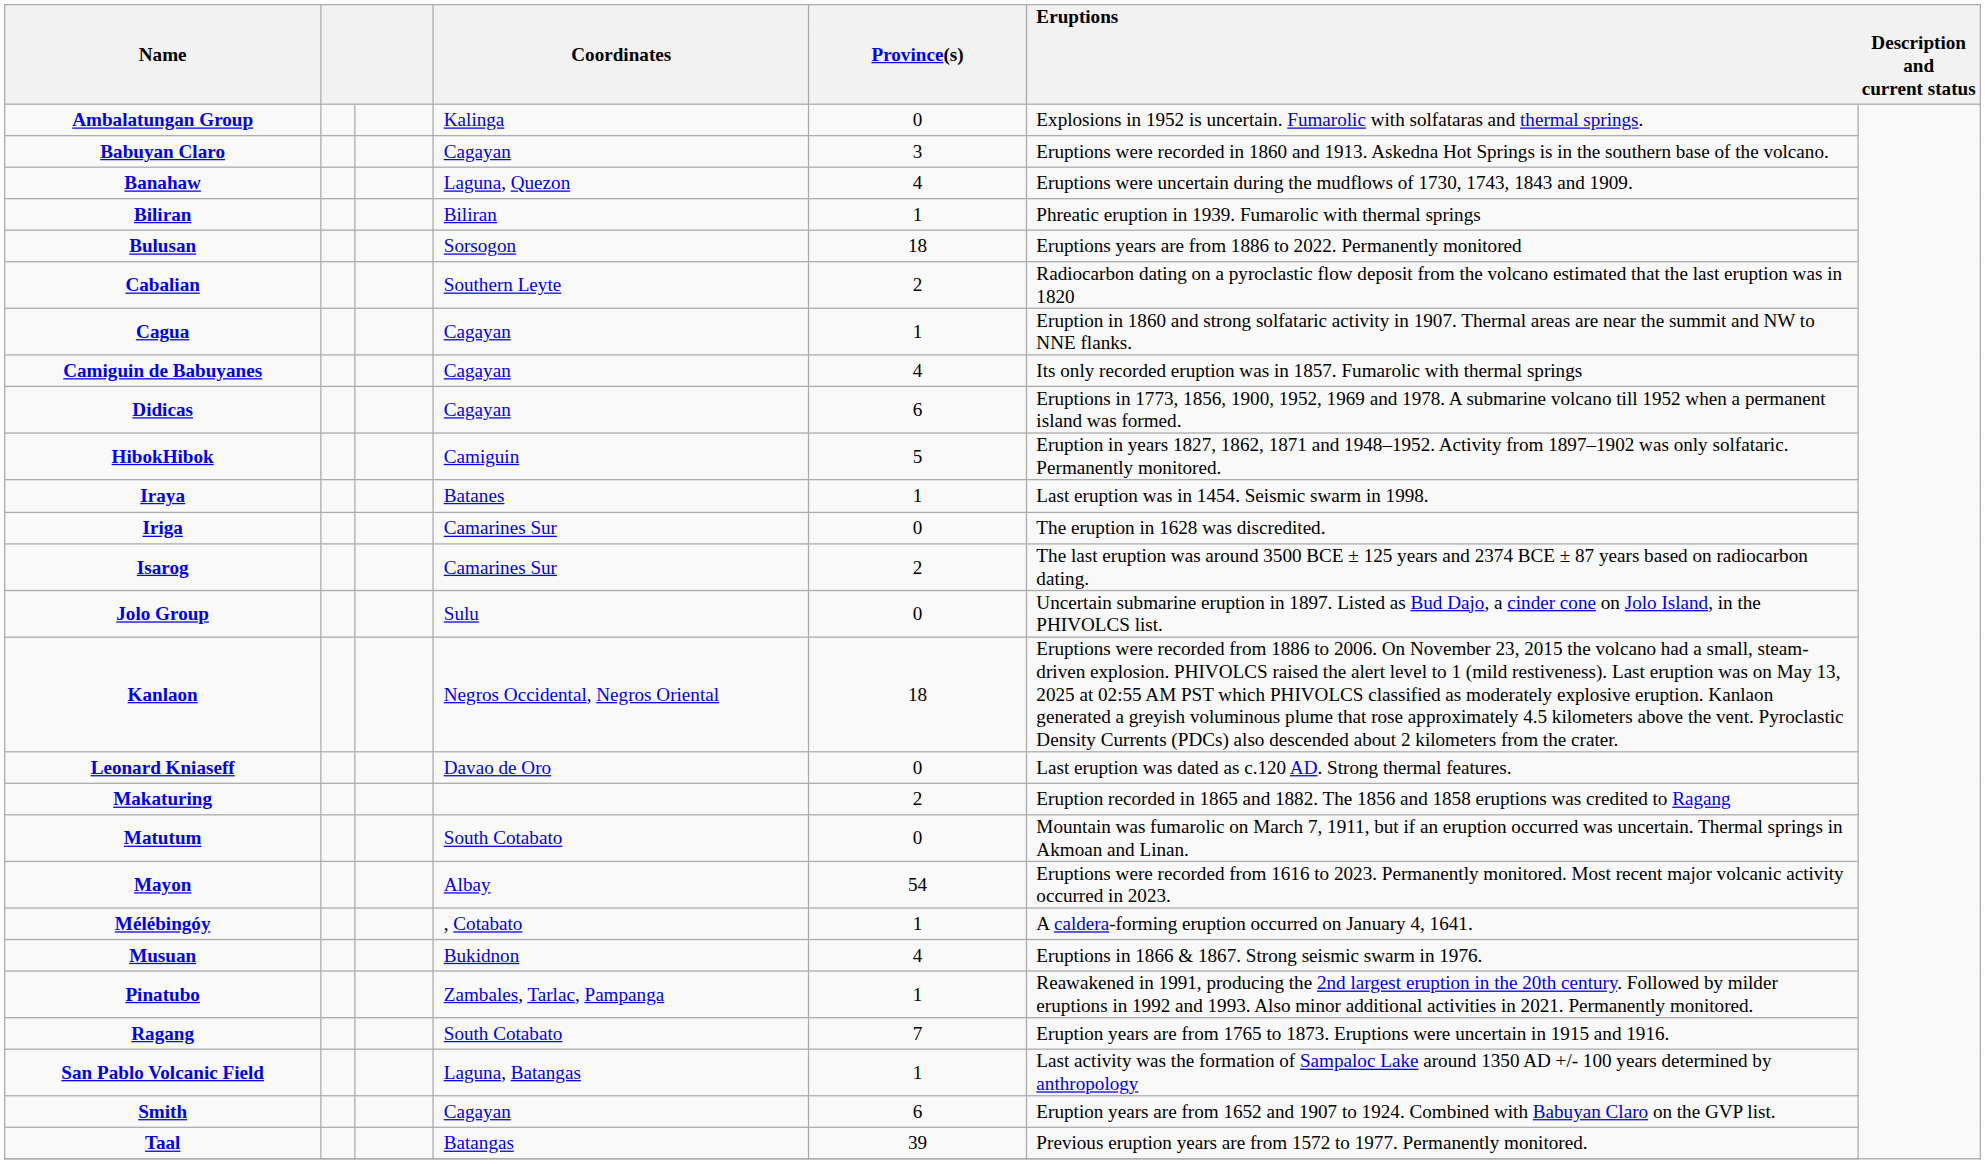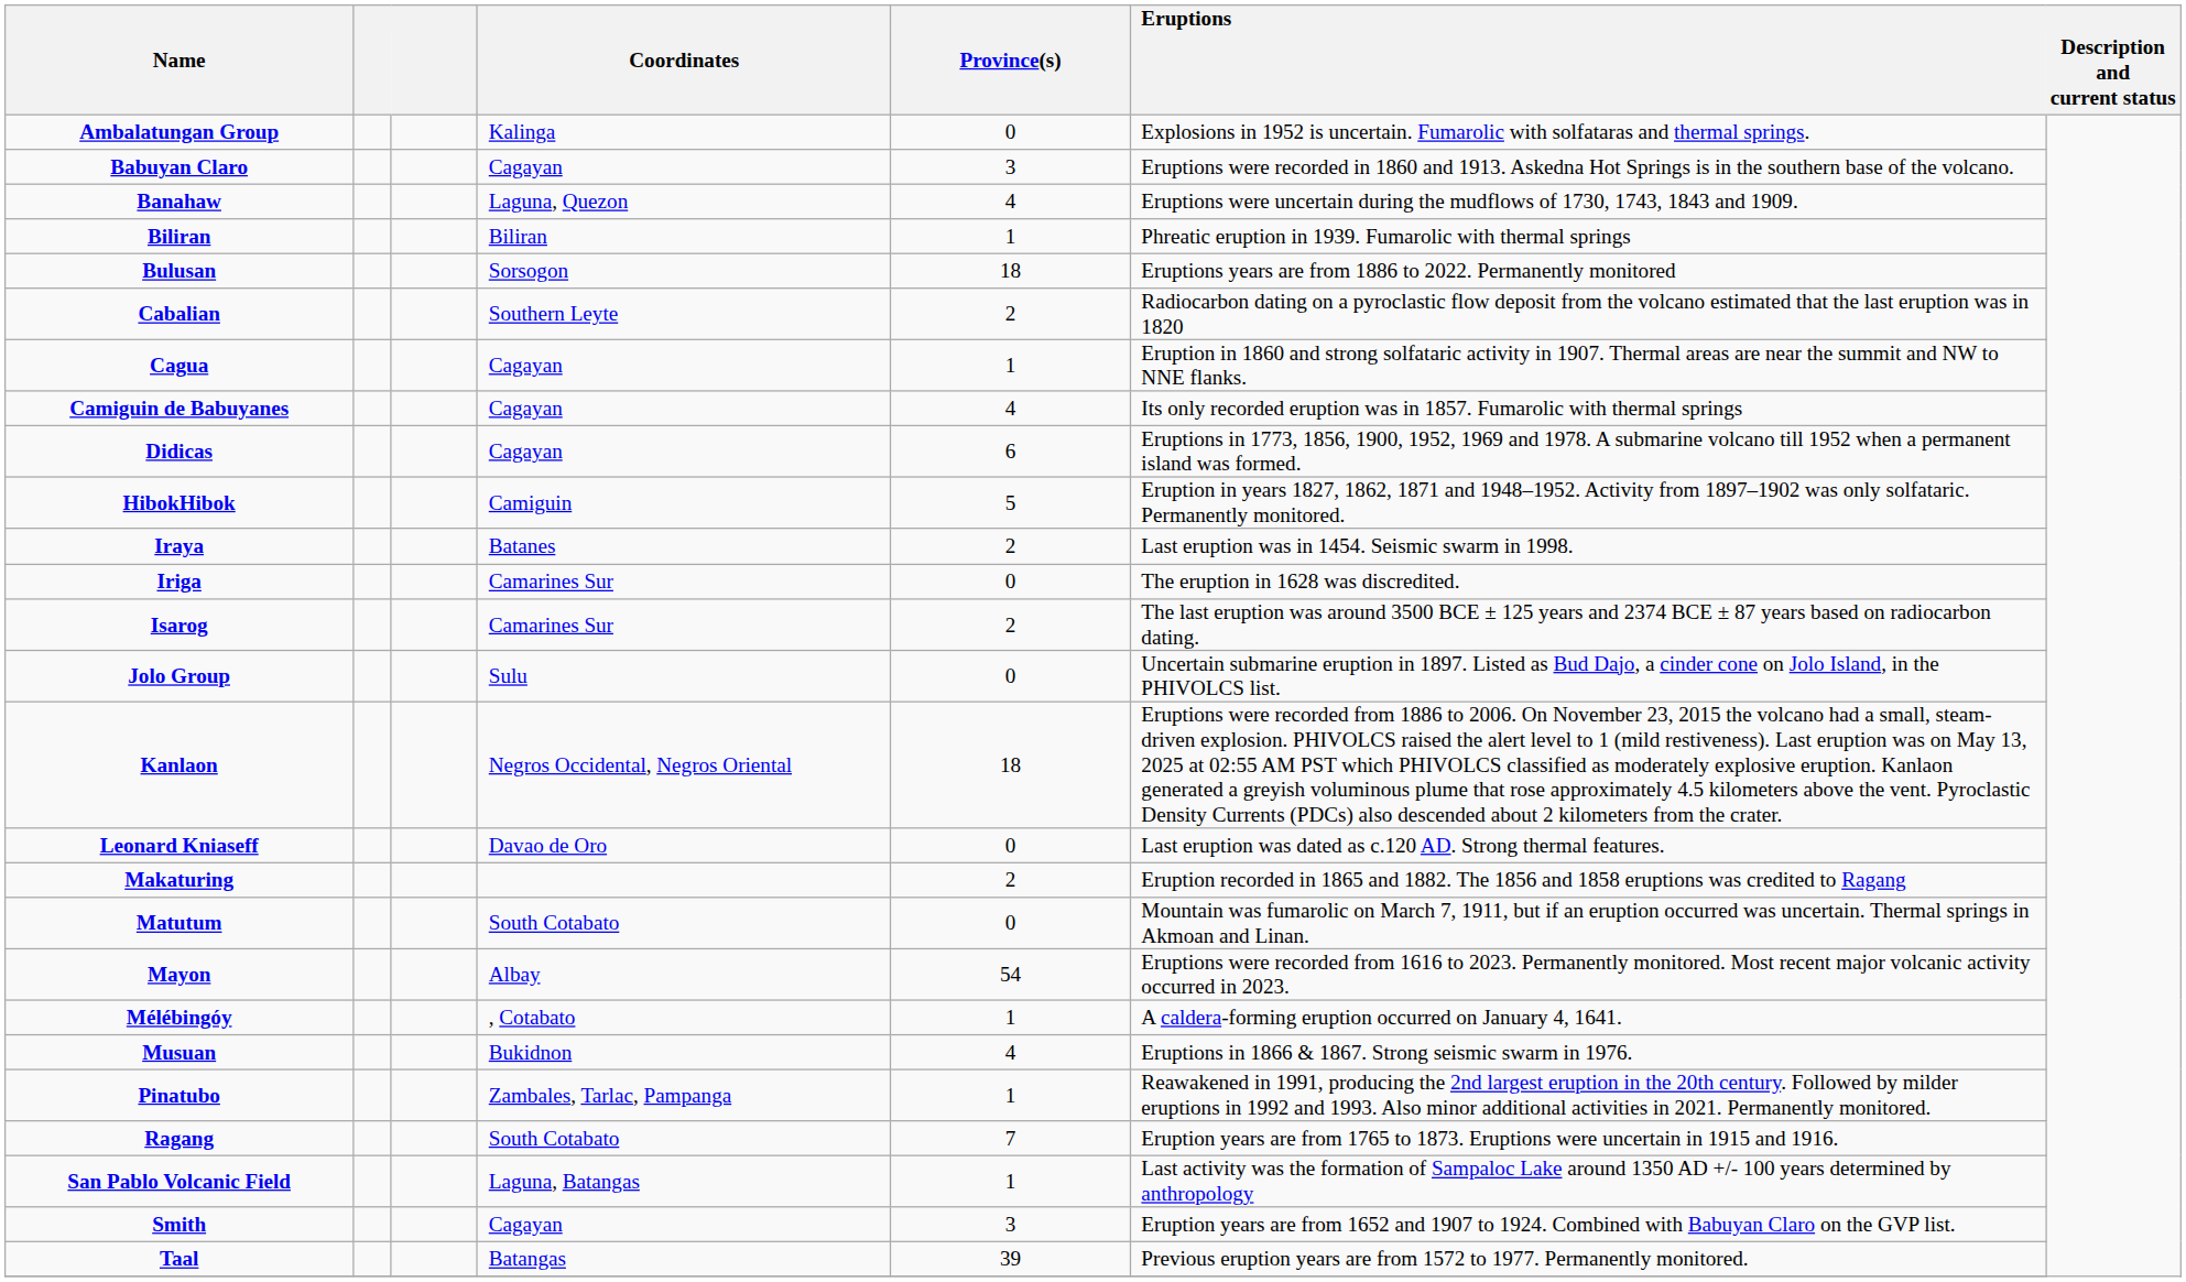 <table class="wikitable sortable plainrowheaders toptextcells" style="font-size:95%;">
 <tr style="vertical-align:middle;">
 <th scope="col" rowspan="2" style="width:16%;">Name</th>
 <th scope="col" colspan="2" style="border-bottom:none;"></th>
 <th scope="col" rowspan="2" style="width:19%;" data-sort-type="number">Coordinates</th>
 <th scope="col" rowspan="2" style="width:11%;"><a href='#'>Province</a>(s)</th>
 <th scope="col" colspan="2" class="unsortable" style="text-align:left;padding:0 0.5em;width:45%;border-bottom:none;">Eruptions</th>
 </tr>
 <tr style="vertical-align:middle;">
 <th style="border-width:0 0 thin thin;"></th>
 <th style="border-width:0 thin thin 0;" class="unsortable"></th>
 <th style="border-width:0 0 thin thin;"></th>
 <th style="border-width:0 thin thin 0;" class="unsortable">Description and current status</th>
 </tr>
 <tr>
 <th scope="row" style="padding:0 0.5em;background-color:initial;"><a href='#'>Ambalatungan Group</a></th>
 <td></td>
 <td style="padding:0 0.5em;"></td>
 <td style="padding:0 0.5em;"><a href='#'>Kalinga</a></td>
 <td style="text-align:center;">0</td>
 <td style="padding:0 0.5em;">Explosions in 1952 is uncertain. <a href='#'>Fumarolic</a> with solfataras and <a href='#'>thermal springs</a>.</td>
 </tr>
 <tr>
 <th scope="row" style="padding:0 0.5em;background-color:initial;"><a href='#'>Babuyan Claro</a></th>
 <td></td>
 <td style="padding:0 0.5em;"></td>
 <td style="padding:0 0.5em;"><a href='#'>Cagayan</a></td>
 <td style="text-align:center;">3</td>
 <td style="padding:0 0.5em;">Eruptions were recorded in 1860 and 1913. Askedna Hot Springs is in the southern base of the volcano.</td>
 </tr>
 <tr>
 <th scope="row" style="padding:0 0.5em;background-color:initial;"><a href='#'>Banahaw</a></th>
 <td></td>
 <td style="padding:0 0.5em;"></td>
 <td style="padding:0 0.5em;"><a href='#'>Laguna</a>, <a href='#'>Quezon</a></td>
 <td style="text-align:center;">4</td>
 <td style="padding:0 0.5em;">Eruptions were uncertain during the mudflows of 1730, 1743, 1843 and 1909.</td>
 </tr>
 <tr>
 <th scope="row" style="padding:0 0.5em;background-color:initial;"><a href='#'>Biliran</a></th>
 <td></td>
 <td style="padding:0 0.5em;"></td>
 <td style="padding:0 0.5em;"><a href='#'>Biliran</a></td>
 <td style="text-align:center;">1</td>
 <td style="padding:0 0.5em;">Phreatic eruption in 1939. Fumarolic with thermal springs</td>
 </tr>
 <tr>
 <th scope="row" style="padding:0 0.5em;background-color:initial;"><a href='#'>Bulusan</a></th>
 <td></td>
 <td style="padding:0 0.5em;"></td>
 <td style="padding:0 0.5em;"><a href='#'>Sorsogon</a></td>
 <td style="text-align:center;">18</td>
 <td style="padding:0 0.5em;">Eruptions years are from 1886 to 2022. Permanently monitored</td>
 </tr>
 <tr>
 <th scope="row" style="padding:0 0.5em;background-color:initial;"><a href='#'>Cabalian</a></th>
 <td></td>
 <td style="padding:0 0.5em;"></td>
 <td style="padding:0 0.5em;"><a href='#'>Southern Leyte</a></td>
 <td style="text-align:center;">2</td>
 <td style="padding:0 0.5em;">Radiocarbon dating on a pyroclastic flow deposit from the volcano estimated that the last eruption was in 1820</td>
 </tr>
 <tr>
 <th scope="row" style="padding:0 0.5em;background-color:initial;"><a href='#'>Cagua</a></th>
 <td></td>
 <td style="padding:0 0.5em;"></td>
 <td style="padding:0 0.5em;"><a href='#'>Cagayan</a></td>
 <td style="text-align:center;">1</td>
 <td style="padding:0 0.5em;">Eruption in 1860 and strong solfataric activity in 1907. Thermal areas are near the summit and NW to NNE flanks.</td>
 </tr>
 <tr>
 <th scope="row" style="padding:0 0.5em;background-color:initial;"><a href='#'>Camiguin de&nbsp;Babuyanes</a></th>
 <td></td>
 <td style="padding:0 0.5em;"></td>
 <td style="padding:0 0.5em;"><a href='#'>Cagayan</a></td>
 <td style="text-align:center;">4</td>
 <td style="padding:0 0.5em;">Its only recorded eruption was in 1857. Fumarolic with thermal springs</td>
 </tr>
 <tr>
 <th scope="row" style="padding:0 0.5em;background-color:initial;"><a href='#'>Didicas</a></th>
 <td></td>
 <td style="padding:0 0.5em;"></td>
 <td style="padding:0 0.5em;"><a href='#'>Cagayan</a></td>
 <td style="text-align:center;">6</td>
 <td style="padding:0 0.5em;">Eruptions in 1773, 1856, 1900, 1952, 1969 and 1978. A submarine volcano till 1952 when a permanent island was formed.</td>
 </tr>
 <tr>
 <th scope="row" style="padding:0 0.5em;background-color:initial;"><a href='#'>HibokHibok</a></th>
 <td></td>
 <td style="padding:0 0.5em;"></td>
 <td style="padding:0 0.5em;"><a href='#'>Camiguin</a></td>
 <td style="text-align:center;">5</td>
 <td style="padding:0 0.5em;">Eruption in years 1827, 1862, 1871 and 1948–1952. Activity from 1897–1902 was only solfataric. Permanently monitored.</td>
 </tr>
 <tr>
 <th scope="row" style="padding:0 0.5em;background-color:initial;"><a href='#'>Iraya</a></th>
 <td></td>
 <td style="padding:0 0.5em;"></td>
 <td style="padding:0 0.5em;"><a href='#'>Batanes</a></td>
-<td style="text-align:center;">1</td>
+<td style="text-align:center;">2</td>
 <td style="padding:0 0.5em;">Last eruption was in 1454. Seismic swarm in 1998.</td>
 </tr>
 <tr>
 <th scope="row" style="padding:0 0.5em;background-color:initial;"><a href='#'>Iriga</a></th>
 <td></td>
 <td style="padding:0 0.5em;"></td>
 <td style="padding:0 0.5em;"><a href='#'>Camarines&nbsp;Sur</a></td>
 <td style="text-align:center;">0</td>
 <td style="padding:0 0.5em;">The eruption in 1628 was discredited.</td>
 </tr>
 <tr>
 <th scope="row" style="padding:0 0.5em;background-color:initial;"><a href='#'>Isarog</a></th>
 <td></td>
 <td style="padding:0 0.5em;"></td>
 <td style="padding:0 0.5em;"><a href='#'>Camarines&nbsp;Sur</a></td>
 <td style="text-align:center;">2</td>
 <td style="padding:0 0.5em;">The last eruption was around 3500 BCE  ± 125 years and 2374 BCE ± 87 years based on radiocarbon dating.</td>
 </tr>
 <tr>
 <th scope="row" style="padding:0 0.5em;background-color:initial;"><a href='#'>Jolo Group</a></th>
 <td> </td>
 <td style="padding:0 0.5em;"></td>
 <td style="padding:0 0.5em;"><a href='#'>Sulu</a></td>
 <td style="text-align:center;">0</td>
 <td style="padding:0 0.5em;">Uncertain submarine eruption in 1897.  Listed as <a href='#'>Bud Dajo</a>, a <a href='#'>cinder cone</a> on <a href='#'>Jolo Island</a>, in the PHIVOLCS list.</td>
 </tr>
 <tr>
 <th scope="row" style="padding:0 0.5em;background-color:initial;"><a href='#'>Kanlaon</a></th>
 <td></td>
 <td style="padding:0 0.5em;"></td>
 <td style="padding:0 0.5em;"><a href='#'>Negros&nbsp;Occidental</a>, <a href='#'>Negros&nbsp;Oriental</a></td>
 <td style="text-align:center;">18</td>
 <td style="padding:0 0.5em;">Eruptions were recorded from 1886 to 2006. On November 23, 2015 the volcano had a small, steam-driven explosion. PHIVOLCS raised the alert level to 1 (mild restiveness). Last eruption was on May 13, 2025 at 02:55 AM PST which PHIVOLCS classified as moderately explosive eruption. Kanlaon generated a greyish voluminous plume that rose approximately 4.5 kilometers above the vent. Pyroclastic Density Currents (PDCs) also descended about 2 kilometers from the crater.</td>
 </tr>
 <tr>
 <th scope="row" style="padding:0 0.5em;background-color:initial;"><a href='#'>Leonard Kniaseff</a></th>
 <td></td>
 <td style="padding:0 0.5em;"></td>
 <td style="padding:0 0.5em;"><a href='#'>Davao de Oro</a></td>
 <td style="text-align:center;">0</td>
 <td style="padding:0 0.5em;">Last eruption was dated as c.120 <a href='#'>AD</a>. Strong thermal features.</td>
 </tr>
 <tr>
 <th scope="row" style="padding:0 0.5em;background-color:initial;"><a href='#'>Makaturing</a></th>
 <td></td>
 <td style="padding:0 0.5em;"></td>
 <td style="padding:0 0.5em;"></td>
 <td style="text-align:center;">2</td>
 <td style="padding:0 0.5em;">Eruption recorded in 1865 and 1882. The 1856 and 1858 eruptions was credited to <a href='#'>Ragang</a></td>
 </tr>
 <tr>
 <th scope="row" style="padding:0 0.5em;background-color:initial;"><a href='#'>Matutum</a></th>
 <td></td>
 <td style="padding:0 0.5em;"></td>
 <td style="padding:0 0.5em;"><a href='#'>South&nbsp;Cotabato</a></td>
 <td style="text-align:center;">0</td>
 <td style="padding:0 0.5em;">Mountain was fumarolic on March 7, 1911, but if an eruption occurred was uncertain. Thermal springs in Akmoan and Linan.</td>
 </tr>
 <tr>
 <th scope="row" style="padding:0 0.5em;background-color:initial;"><a href='#'>Mayon</a></th>
 <td></td>
 <td style="padding:0 0.5em;"></td>
 <td style="padding:0 0.5em;"><a href='#'>Albay</a></td>
 <td style="text-align:center;">54</td>
 <td style="padding:0 0.5em;">Eruptions were recorded from 1616 to 2023. Permanently monitored. Most recent major volcanic activity occurred in 2023.</td>
 </tr>
 <tr>
 <th scope="row" style="padding:0 0.5em;background-color:initial;"><a href='#'>Mélébingóy</a></th>
 <td></td>
 <td style="padding:0 0.5em;"></td>
 <td style="padding:0 0.5em;">, <a href='#'>Cotabato</a></td>
 <td style="text-align:center;">1</td>
 <td style="padding:0 0.5em;">A <a href='#'>caldera</a>-forming eruption occurred on January 4, 1641.</td>
 </tr>
 <tr>
 <th scope="row" style="padding:0 0.5em;background-color:initial;"><a href='#'>Musuan</a></th>
 <td></td>
 <td style="padding:0 0.5em;"></td>
 <td style="padding:0 0.5em;"><a href='#'>Bukidnon</a></td>
 <td style="text-align:center;">4</td>
 <td style="padding:0 0.5em;">Eruptions in 1866 & 1867. Strong seismic swarm in 1976.</td>
 </tr>
 <tr>
 <th scope="row" style="padding:0 0.5em;background-color:initial;"><a href='#'>Pinatubo</a></th>
 <td></td>
 <td style="padding:0 0.5em;"></td>
 <td style="padding:0 0.5em;"><a href='#'>Zambales</a>, <a href='#'>Tarlac</a>, <a href='#'>Pampanga</a></td>
 <td style="text-align:center;">1</td>
 <td style="padding:0 0.5em;">Reawakened in 1991, producing the <a href='#'>2nd largest eruption in the 20th century</a>. Followed by milder eruptions in 1992 and 1993. Also minor additional activities in 2021. Permanently monitored.</td>
 </tr>
 <tr>
 <th scope="row" style="padding:0 0.5em;background-color:initial;"><a href='#'>Ragang</a></th>
 <td></td>
 <td style="padding:0 0.5em;"></td>
 <td style="padding:0 0.5em;"><a href='#'>South&nbsp;Cotabato</a></td>
 <td style="text-align:center;">7</td>
 <td style="padding:0 0.5em;">Eruption years are from 1765 to 1873.  Eruptions were uncertain in 1915 and 1916.</td>
 </tr>
 <tr>
 <th scope="row" style="padding:0 0.5em;background-color:initial;"><a href='#'>San Pablo Volcanic&nbsp;Field</a></th>
 <td></td>
 <td style="padding:0 0.5em;"></td>
 <td style="padding:0 0.5em;"><a href='#'>Laguna</a>, <a href='#'>Batangas</a></td>
 <td style="text-align:center;">1</td>
 <td style="padding:0 0.5em;">Last activity was the formation of <a href='#'>Sampaloc Lake</a> around 1350 AD +/- 100 years determined by <a href='#'>anthropology</a></td>
 </tr>
 <tr>
 <th scope="row" style="padding:0 0.5em;background-color:initial;"><a href='#'>Smith</a></th>
 <td></td>
 <td style="padding:0 0.5em;"></td>
 <td style="padding:0 0.5em;"><a href='#'>Cagayan</a></td>
-<td style="text-align:center;">6</td>
+<td style="text-align:center;">3</td>
 <td style="padding:0 0.5em;">Eruption years are from 1652 and 1907 to 1924. Combined with <a href='#'>Babuyan Claro</a> on the GVP list.</td>
 </tr>
 <tr>
 <th scope="row" style="padding:0 0.5em;background-color:initial;"><a href='#'>Taal</a></th>
 <td></td>
 <td style="padding:0 0.5em;"></td>
 <td style="padding:0 0.5em;"><a href='#'>Batangas</a></td>
 <td style="text-align:center;">39</td>
 <td style="padding:0 0.5em;">Previous eruption years are from 1572 to 1977. Permanently monitored.</td>
 </tr>
 <tr>
 </tr>
 </table>
